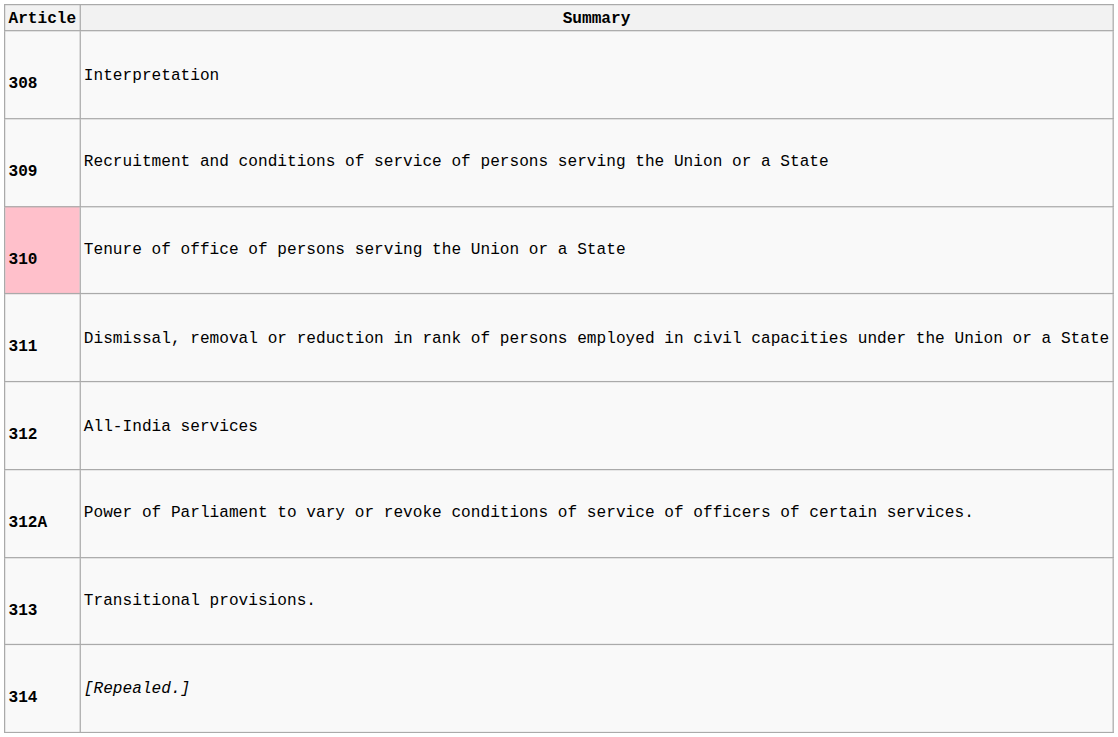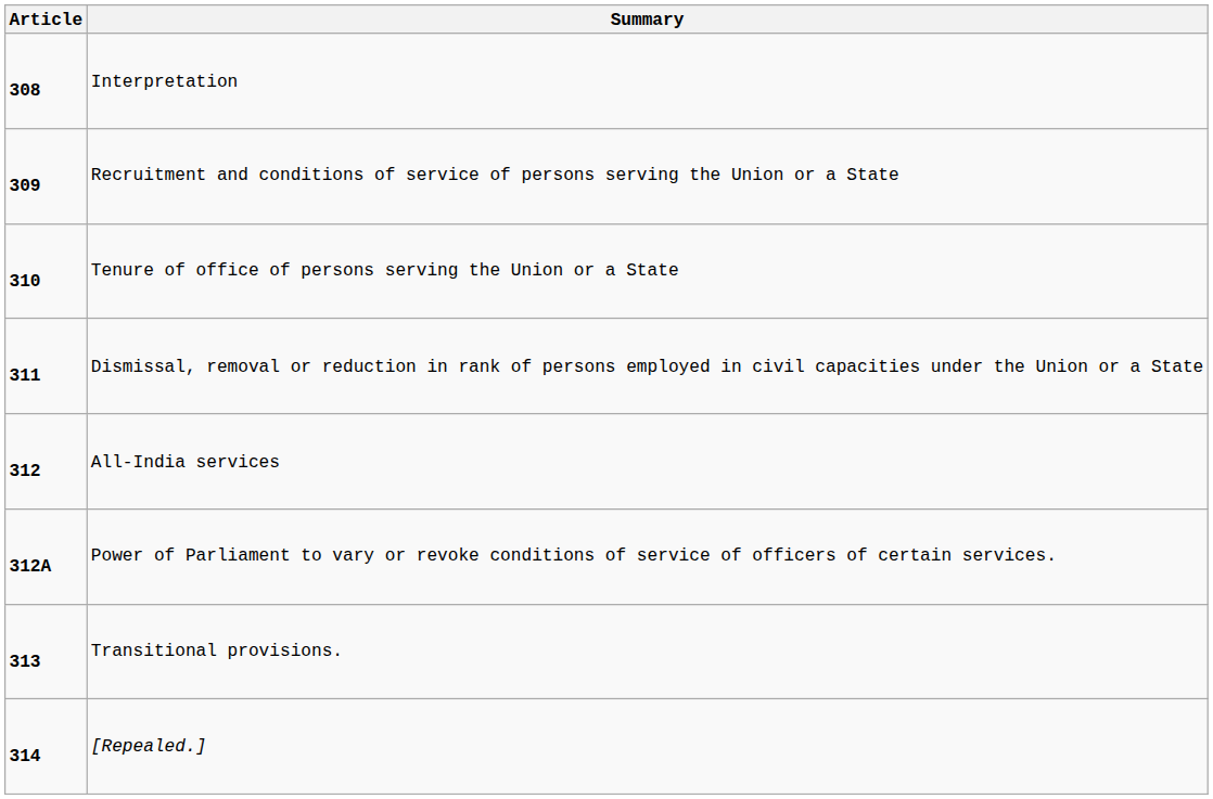 <table class="wikitable">
 <tr>
 <th>Article</th>
 <th>Summary</th>
 </tr>
 <tr>
 <td><br><h4>308</h4></td>
 <td>Interpretation</td>
 </tr>
 <tr>
 <td><br><h4>309</h4></td>
 <td>Recruitment and conditions of service of persons serving the Union or a State</td>
 </tr>
 <tr>
-<td style="background: pink;"><br><h4>310</h4></td>
+<td><br><h4>310</h4></td>
 <td>Tenure of office of persons serving the Union or a State</td>
 </tr>
 <tr>
 <td><br><h4>311</h4></td>
 <td>Dismissal, removal or reduction in rank of persons employed in civil capacities under the Union or a State</td>
 </tr>
 <tr>
 <td><br><h4>312</h4></td>
 <td>All-India services</td>
 </tr>
 <tr>
 <td><br><h4>312A</h4></td>
 <td>Power of Parliament to vary or revoke conditions of service of officers of certain services.</td>
 </tr>
 <tr>
 <td><br><h4>313</h4></td>
 <td>Transitional provisions.</td>
 </tr>
 <tr>
 <td><br><h4>314</h4></td>
 <td><em>[Repealed.]</em></td>
 </tr>
 </table>
